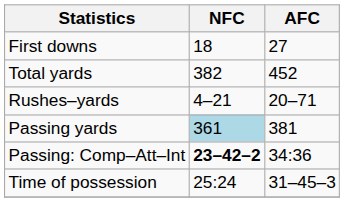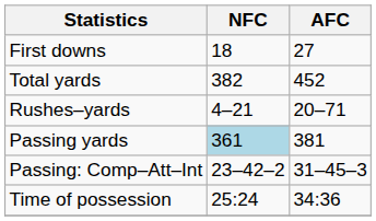 <table class="wikitable" style="float: left;">
 <tr>
 <th>Statistics</th>
 <th>NFC</th>
 <th>AFC</th>
 </tr>
 <tr>
 <td>First downs</td>
 <td>18</td>
 <td>27</td>
 </tr>
 <tr>
 <td>Total yards</td>
 <td>382</td>
 <td>452</td>
 </tr>
 <tr>
 <td>Rushes–yards</td>
 <td>4–21</td>
 <td>20–71</td>
 </tr>
 <tr>
 <td>Passing yards</td>
 <td style="background: lightblue;">361</td>
 <td>381</td>
 </tr>
 <tr>
 <td>Passing: Comp–Att–Int</td>
-<td><strong>23–42–2</strong></td>
-<td>34:36</td>
+<td>23–42–2</td>
+<td>31–45–3</td>
 </tr>
 <tr>
 <td>Time of possession</td>
 <td>25:24</td>
-<td>31–45–3</td>
+<td>34:36</td>
 </tr>
 <tr>
 </tr>
 </table>
